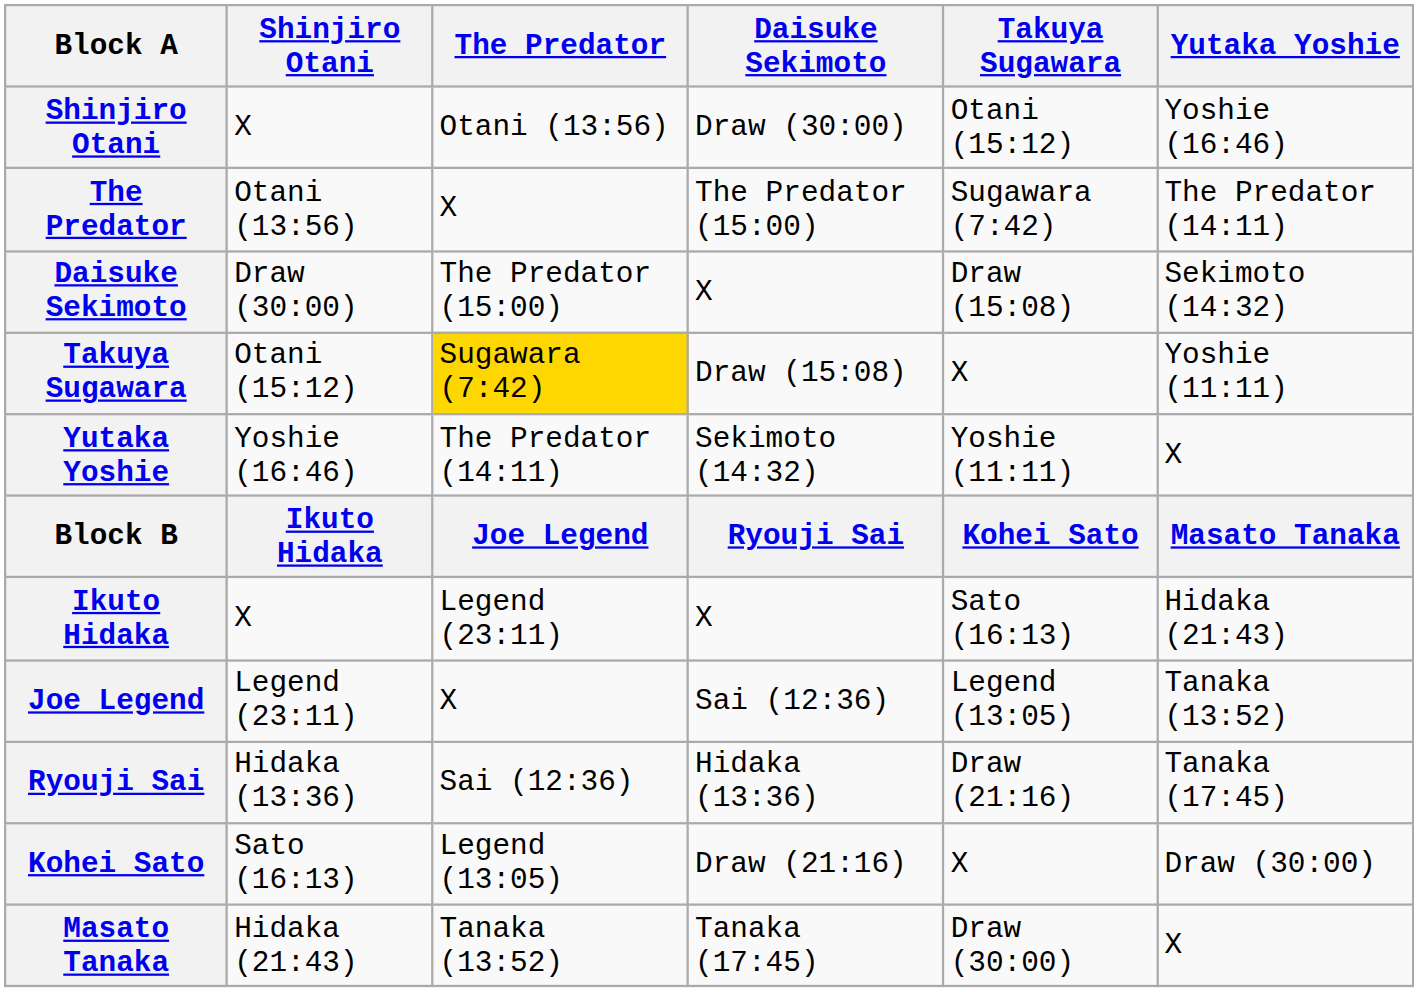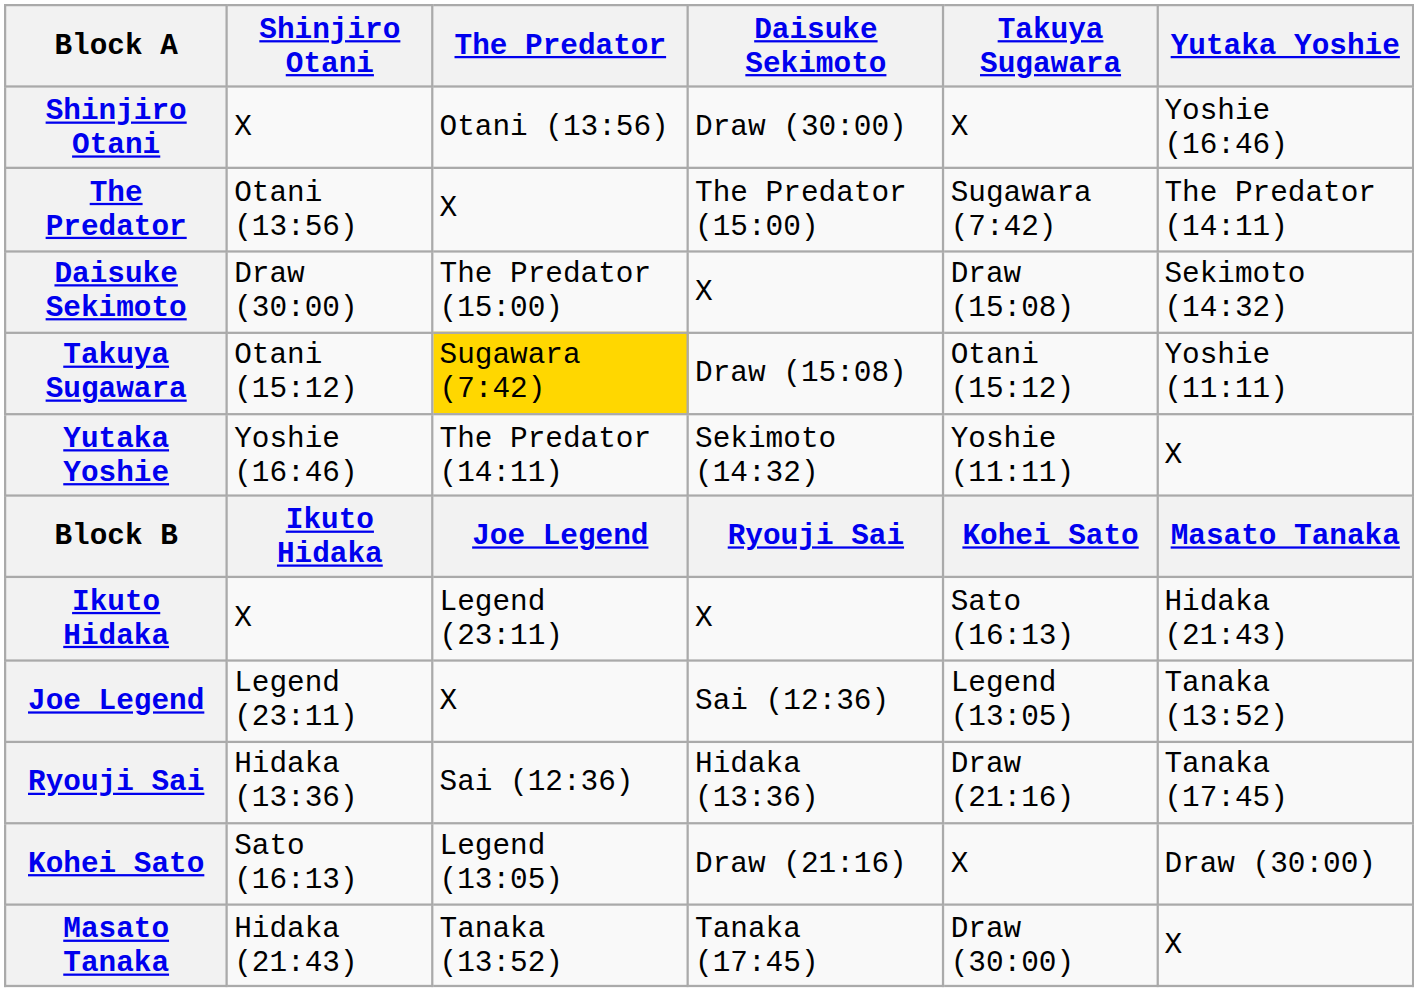 <table class="wikitable" style="margin: 1em auto 1em auto">
 <tr>
 <th>Block A</th>
 <th><a href='#'>Shinjiro Otani</a></th>
 <th><a href='#'>The Predator</a></th>
 <th><a href='#'>Daisuke Sekimoto</a></th>
 <th><a href='#'>Takuya Sugawara</a></th>
 <th><a href='#'>Yutaka Yoshie</a></th>
 </tr>
 <tr>
 <th><a href='#'>Shinjiro Otani</a></th>
 <td>X</td>
 <td>Otani (13:56)</td>
 <td>Draw (30:00)</td>
-<td>Otani (15:12)</td>
+<td>X</td>
 <td>Yoshie (16:46)</td>
 </tr>
 <tr>
 <th><a href='#'>The Predator</a></th>
 <td>Otani (13:56)</td>
 <td>X</td>
 <td>The Predator (15:00)</td>
 <td>Sugawara (7:42)</td>
 <td>The Predator (14:11)</td>
 </tr>
 <tr>
 <th><a href='#'>Daisuke Sekimoto</a></th>
 <td>Draw (30:00)</td>
 <td>The Predator (15:00)</td>
 <td>X</td>
 <td>Draw (15:08)</td>
 <td>Sekimoto (14:32)</td>
 </tr>
 <tr>
 <th><a href='#'>Takuya Sugawara</a></th>
 <td>Otani (15:12)</td>
 <td style="background: gold;">Sugawara (7:42)</td>
 <td>Draw (15:08)</td>
-<td>X</td>
+<td>Otani (15:12)</td>
 <td>Yoshie (11:11)</td>
 </tr>
 <tr>
 <th><a href='#'>Yutaka Yoshie</a></th>
 <td>Yoshie (16:46)</td>
 <td>The Predator (14:11)</td>
 <td>Sekimoto (14:32)</td>
 <td>Yoshie (11:11)</td>
 <td>X</td>
 </tr>
 <tr>
 <th>Block B</th>
 <th><a href='#'>Ikuto Hidaka</a></th>
 <th><a href='#'>Joe Legend</a></th>
 <th><a href='#'>Ryouji Sai</a></th>
 <th><a href='#'>Kohei Sato</a></th>
 <th><a href='#'>Masato Tanaka</a></th>
 </tr>
 <tr>
 <th><a href='#'>Ikuto Hidaka</a></th>
 <td>X</td>
 <td>Legend (23:11)</td>
 <td>X</td>
 <td>Sato (16:13)</td>
 <td>Hidaka (21:43)</td>
 </tr>
 <tr>
 <th><a href='#'>Joe Legend</a></th>
 <td>Legend (23:11)</td>
 <td>X</td>
 <td>Sai (12:36)</td>
 <td>Legend (13:05)</td>
 <td>Tanaka (13:52)</td>
 </tr>
 <tr>
 <th><a href='#'>Ryouji Sai</a></th>
 <td>Hidaka (13:36)</td>
 <td>Sai (12:36)</td>
 <td>Hidaka (13:36)</td>
 <td>Draw (21:16)</td>
 <td>Tanaka (17:45)</td>
 </tr>
 <tr>
 <th><a href='#'>Kohei Sato</a></th>
 <td>Sato (16:13)</td>
 <td>Legend (13:05)</td>
 <td>Draw (21:16)</td>
 <td>X</td>
 <td>Draw (30:00)</td>
 </tr>
 <tr>
 <th><a href='#'>Masato Tanaka</a></th>
 <td>Hidaka (21:43)</td>
 <td>Tanaka (13:52)</td>
 <td>Tanaka (17:45)</td>
 <td>Draw (30:00)</td>
 <td>X</td>
 </tr>
 </table>
